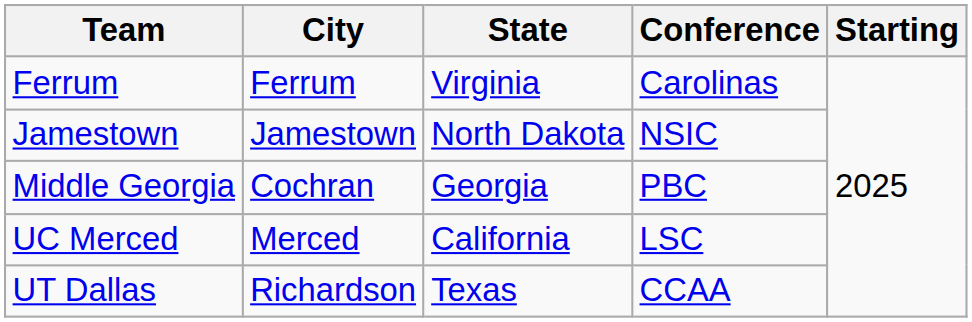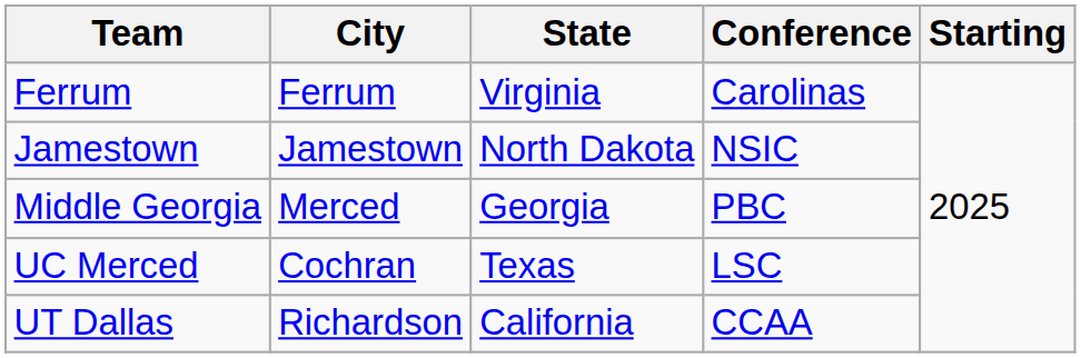 <table class="wikitable sortable">
 <tr valign=baseline>
 <th>Team</th>
 <th>City</th>
 <th>State</th>
 <th>Conference</th>
 <th>Starting</th>
 </tr>
 <tr>
 <td><a href='#'>Ferrum</a></td>
 <td><a href='#'>Ferrum</a></td>
 <td><a href='#'>Virginia</a></td>
 <td><a href='#'>Carolinas</a></td>
 <td rowspan=5>2025</td>
 </tr>
 <tr>
 <td><a href='#'>Jamestown</a></td>
 <td><a href='#'>Jamestown</a></td>
 <td><a href='#'>North Dakota</a></td>
 <td><a href='#'>NSIC</a></td>
 </tr>
 <tr>
 <td><a href='#'>Middle Georgia</a></td>
-<td><a href='#'>Cochran</a></td>
+<td><a href='#'>Merced</a></td>
 <td><a href='#'>Georgia</a></td>
 <td><a href='#'>PBC</a></td>
 </tr>
 <tr>
 <td><a href='#'>UC Merced</a></td>
-<td><a href='#'>Merced</a></td>
-<td><a href='#'>California</a></td>
+<td><a href='#'>Cochran</a></td>
+<td><a href='#'>Texas</a></td>
 <td><a href='#'>LSC</a></td>
 </tr>
 <tr>
 <td><a href='#'>UT Dallas</a></td>
 <td><a href='#'>Richardson</a></td>
-<td><a href='#'>Texas</a></td>
+<td><a href='#'>California</a></td>
 <td><a href='#'>CCAA</a></td>
 </tr>
 </table>
